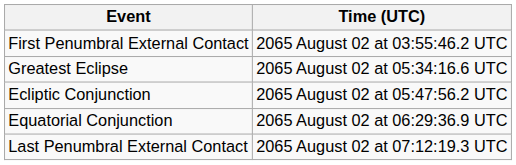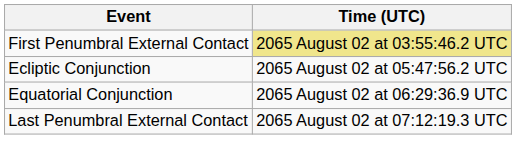 <table class="wikitable">
 <tr>
 <th>Event</th>
 <th>Time (UTC)</th>
 </tr>
 <tr>
 <td>First Penumbral External Contact</td>
-<td>2065 August 02 at 03:55:46.2 UTC</td>
-</tr>
-<tr>
-<td>Greatest Eclipse</td>
-<td>2065 August 02 at 05:34:16.6 UTC</td>
+<td style="background: khaki;">2065 August 02 at 03:55:46.2 UTC</td>
 </tr>
 <tr>
 <td>Ecliptic Conjunction</td>
 <td>2065 August 02 at 05:47:56.2 UTC</td>
 </tr>
 <tr>
 <td>Equatorial Conjunction</td>
 <td>2065 August 02 at 06:29:36.9 UTC</td>
 </tr>
 <tr>
 <td>Last Penumbral External Contact</td>
 <td>2065 August 02 at 07:12:19.3 UTC</td>
 </tr>
 </table>
